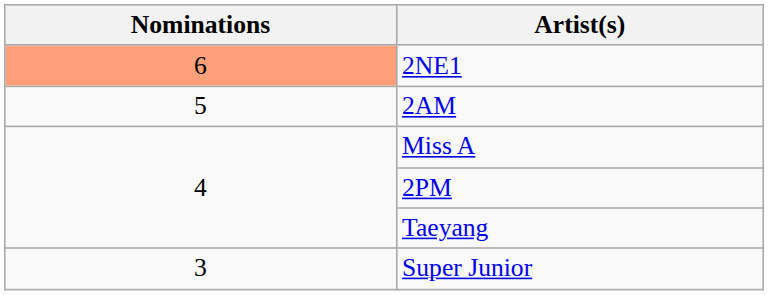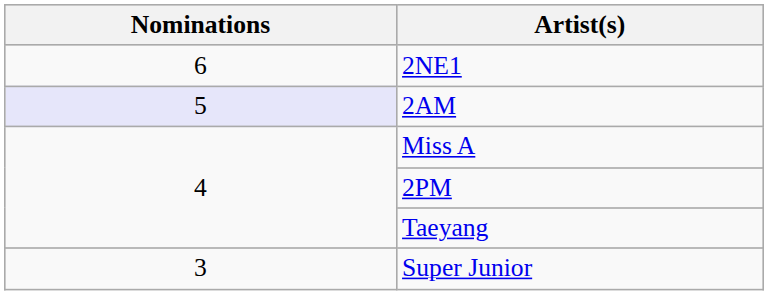 <table class="wikitable"  style="width:30%;">
 <tr>
 <th scope="col">Nominations</th>
 <th scope="col">Artist(s)</th>
 </tr>
 <tr>
-<td align=center style="background: lightsalmon;">6</td>
+<td align=center>6</td>
 <td><a href='#'>2NE1</a></td>
 </tr>
 <tr>
-<td align=center>5</td>
+<td align=center style="background: lavender;">5</td>
 <td><a href='#'>2AM</a></td>
 </tr>
 <tr>
 <td rowspan=3 align=center>4</td>
 <td><a href='#'>Miss A</a></td>
 </tr>
 <tr>
 <td><a href='#'>2PM</a></td>
 </tr>
 <tr>
 <td><a href='#'>Taeyang</a></td>
 </tr>
 <tr>
 <td align=center>3</td>
 <td><a href='#'>Super Junior</a></td>
 </tr>
 </table>
